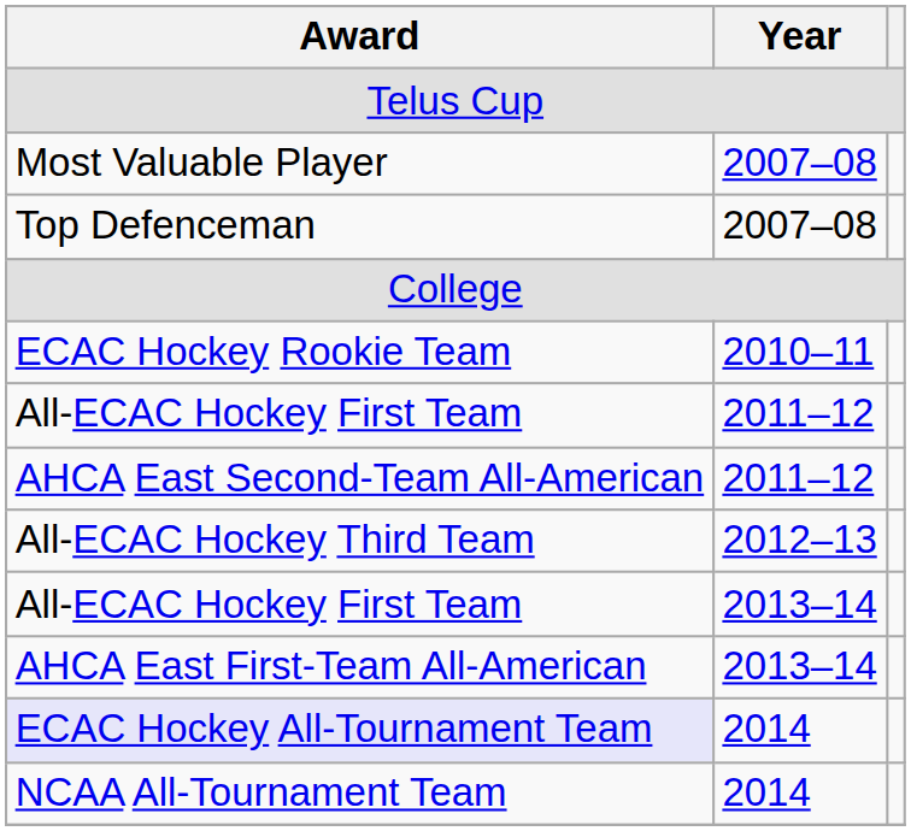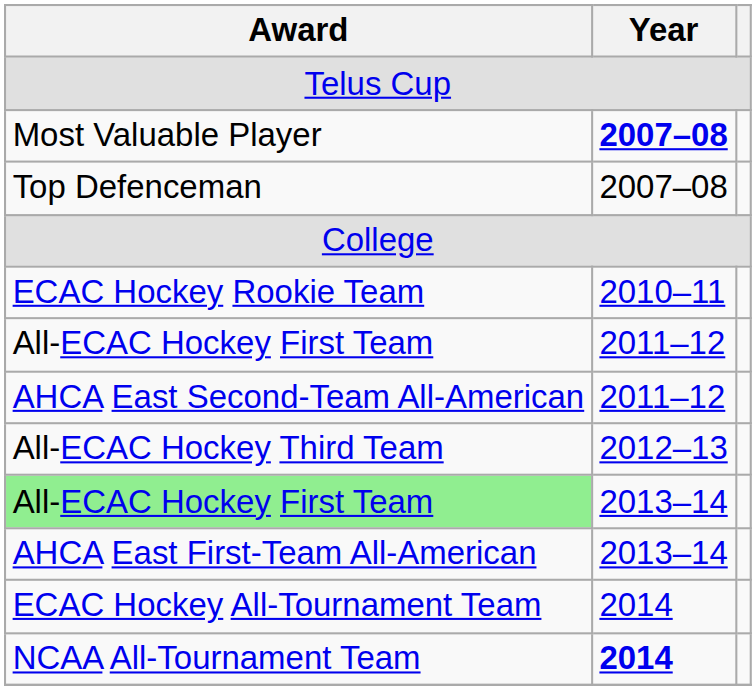 <table class="wikitable">
 <tr>
 <th>Award</th>
 <th>Year</th>
 <th></th>
 </tr>
 <tr ALIGN="center" bgcolor="#e0e0e0">
 <td colspan="3"><a href='#'>Telus Cup</a></td>
 </tr>
 <tr>
 <td>Most Valuable Player</td>
-<td><a href='#'>2007–08</a></td>
+<td><strong><a href='#'>2007–08</a></strong></td>
 <td></td>
 </tr>
 <tr>
 <td>Top Defenceman</td>
 <td>2007–08</td>
 <td></td>
 </tr>
 <tr ALIGN="center" bgcolor="#e0e0e0">
 <td colspan="3"><a href='#'>College</a></td>
 </tr>
 <tr>
 <td><a href='#'>ECAC Hockey</a> <a href='#'>Rookie Team</a></td>
 <td><a href='#'>2010–11</a></td>
 <td></td>
 </tr>
 <tr>
 <td>All-<a href='#'>ECAC Hockey</a> <a href='#'>First Team</a></td>
 <td><a href='#'>2011–12</a></td>
 <td></td>
 </tr>
 <tr>
 <td><a href='#'>AHCA</a> <a href='#'>East Second-Team All-American</a></td>
 <td><a href='#'>2011–12</a></td>
 <td></td>
 </tr>
 <tr>
 <td>All-<a href='#'>ECAC Hockey</a> <a href='#'>Third Team</a></td>
 <td><a href='#'>2012–13</a></td>
 <td></td>
 </tr>
 <tr>
-<td>All-<a href='#'>ECAC Hockey</a> <a href='#'>First Team</a></td>
+<td style="background: lightgreen;">All-<a href='#'>ECAC Hockey</a> <a href='#'>First Team</a></td>
 <td><a href='#'>2013–14</a></td>
 <td></td>
 </tr>
 <tr>
 <td><a href='#'>AHCA</a> <a href='#'>East First-Team All-American</a></td>
 <td><a href='#'>2013–14</a></td>
 <td></td>
 </tr>
 <tr>
-<td style="background: lavender;"><a href='#'>ECAC Hockey</a> <a href='#'>All-Tournament Team</a></td>
+<td><a href='#'>ECAC Hockey</a> <a href='#'>All-Tournament Team</a></td>
 <td><a href='#'>2014</a></td>
 <td></td>
 </tr>
 <tr>
 <td><a href='#'>NCAA</a> <a href='#'>All-Tournament Team</a></td>
-<td><a href='#'>2014</a></td>
+<td><strong><a href='#'>2014</a></strong></td>
 <td></td>
 </tr>
 <tr>
 </tr>
 </table>
